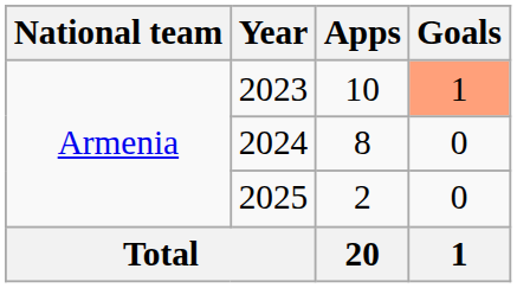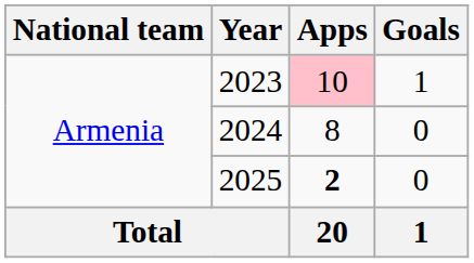 <table class="wikitable" style="text-align:center">
 <tr>
 <th>National team</th>
 <th>Year</th>
 <th>Apps</th>
 <th>Goals</th>
 </tr>
 <tr>
 <td rowspan="3"><a href='#'>Armenia</a></td>
 <td>2023</td>
-<td>10</td>
-<td style="background: lightsalmon;">1</td>
+<td style="background: pink;">10</td>
+<td>1</td>
 </tr>
 <tr>
 <td>2024</td>
 <td>8</td>
 <td>0</td>
 </tr>
 <tr>
 <td>2025</td>
-<td>2</td>
+<td><strong>2</strong></td>
 <td>0</td>
 </tr>
 <tr>
 <th colspan="2">Total</th>
 <th>20</th>
 <th>1</th>
 </tr>
 </table>
